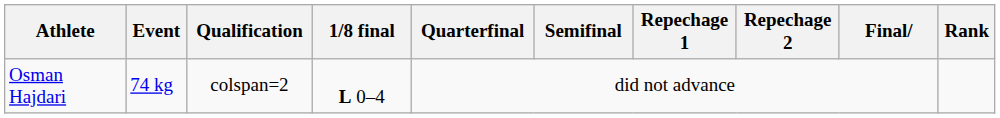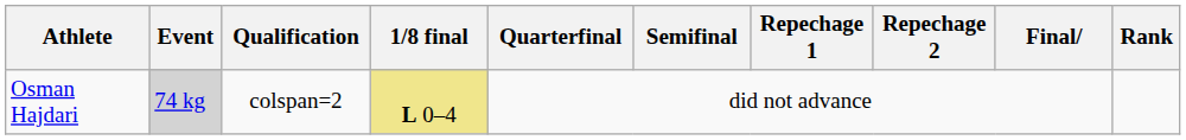 <table class="wikitable" width="85%" style="text-align:left; font-size:90%">
 <tr>
 <th width="11%">Athlete</th>
 <th width="4%">Event</th>
 <th width="9%">Qualification</th>
 <th width="9%">1/8 final</th>
 <th width="9%">Quarterfinal</th>
 <th width="9%">Semifinal</th>
 <th width="6%">Repechage 1</th>
 <th width="6%">Repechage 2</th>
 <th width="9%">Final/</th>
 <th width="3%">Rank</th>
 </tr>
 <tr align=center>
 <td align=left><a href='#'>Osman Hajdari</a></td>
-<td align=left><a href='#'>74 kg</a></td>
+<td align=left style="background: lightgrey;"><a href='#'>74 kg</a></td>
 <td>colspan=2 </td>
-<td><br><strong>L</strong> 0–4</td>
+<td style="background: khaki;"><br><strong>L</strong> 0–4</td>
 <td colspan=5>did not advance</td>
 </tr>
 </table>
